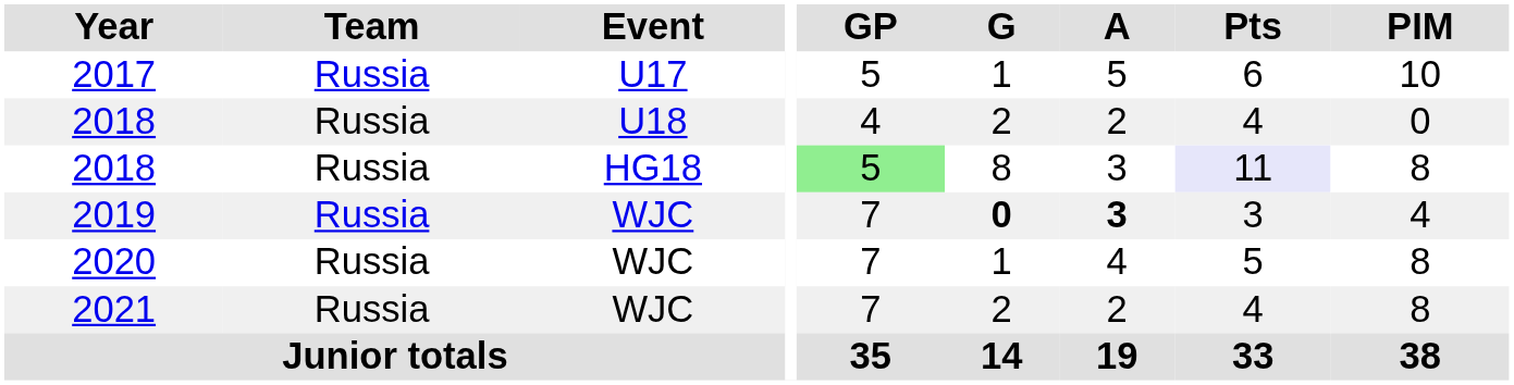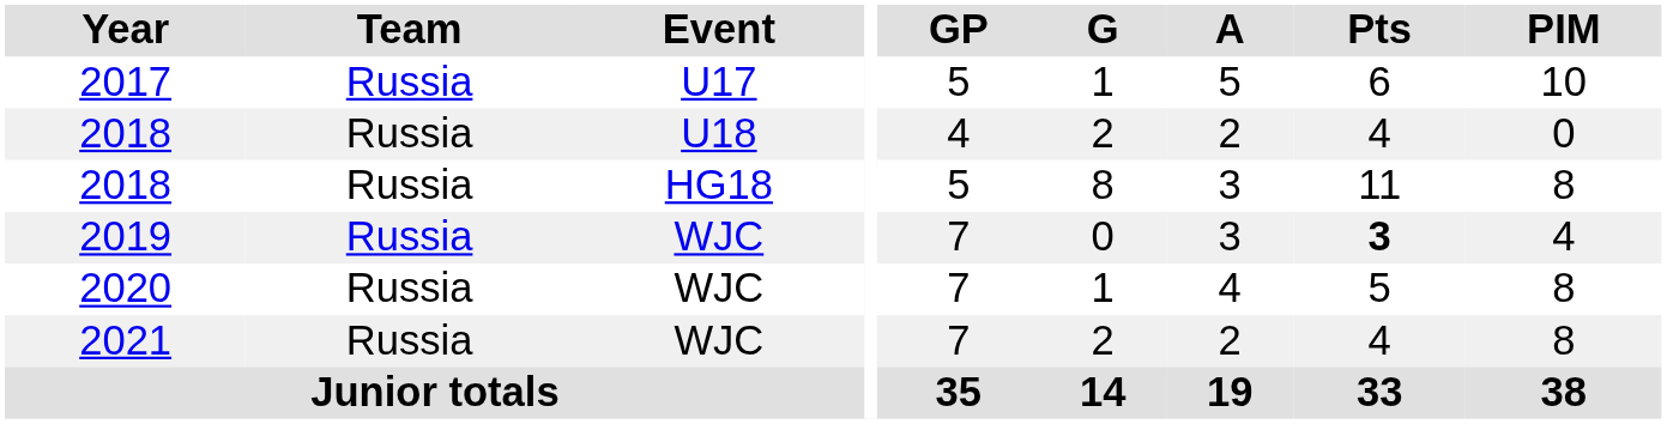 <table border="0" cellpadding="1" cellspacing="0" ID="Table3" style="text-align:center; width:40em">
 <tr bgcolor="#e0e0e0">
 <th>Year</th>
 <th>Team</th>
 <th>Event</th>
 <th rowspan="102" bgcolor="#ffffff"></th>
 <th>GP</th>
 <th>G</th>
 <th>A</th>
 <th>Pts</th>
 <th>PIM</th>
 </tr>
 <tr>
 <td><a href='#'>2017</a></td>
 <td><a href='#'>Russia</a></td>
 <td><a href='#'>U17</a></td>
 <td>5</td>
 <td>1</td>
 <td>5</td>
 <td>6</td>
 <td>10</td>
 </tr>
 <tr bgcolor="#f0f0f0">
 <td><a href='#'>2018</a></td>
 <td>Russia</td>
 <td><a href='#'>U18</a></td>
 <td>4</td>
 <td>2</td>
 <td>2</td>
 <td>4</td>
 <td>0</td>
 </tr>
 <tr>
 <td><a href='#'>2018</a></td>
 <td>Russia</td>
 <td><a href='#'>HG18</a></td>
-<td style="background: lightgreen;">5</td>
+<td>5</td>
 <td>8</td>
 <td>3</td>
-<td style="background: lavender;">11</td>
+<td>11</td>
 <td>8</td>
 </tr>
 <tr bgcolor="#f0f0f0">
 <td><a href='#'>2019</a></td>
 <td><a href='#'>Russia</a></td>
 <td><a href='#'>WJC</a></td>
 <td>7</td>
-<td><strong>0</strong></td>
+<td>0</td>
+<td>3</td>
 <td><strong>3</strong></td>
-<td>3</td>
 <td>4</td>
 </tr>
 <tr>
 <td><a href='#'>2020</a></td>
 <td>Russia</td>
 <td>WJC</td>
 <td>7</td>
 <td>1</td>
 <td>4</td>
 <td>5</td>
 <td>8</td>
 </tr>
 <tr bgcolor="#f0f0f0">
 <td><a href='#'>2021</a></td>
 <td>Russia</td>
 <td>WJC</td>
 <td>7</td>
 <td>2</td>
 <td>2</td>
 <td>4</td>
 <td>8</td>
 </tr>
 <tr bgcolor="#e0e0e0">
 <th colspan=3>Junior totals</th>
 <th>35</th>
 <th>14</th>
 <th>19</th>
 <th>33</th>
 <th>38</th>
 </tr>
 </table>
